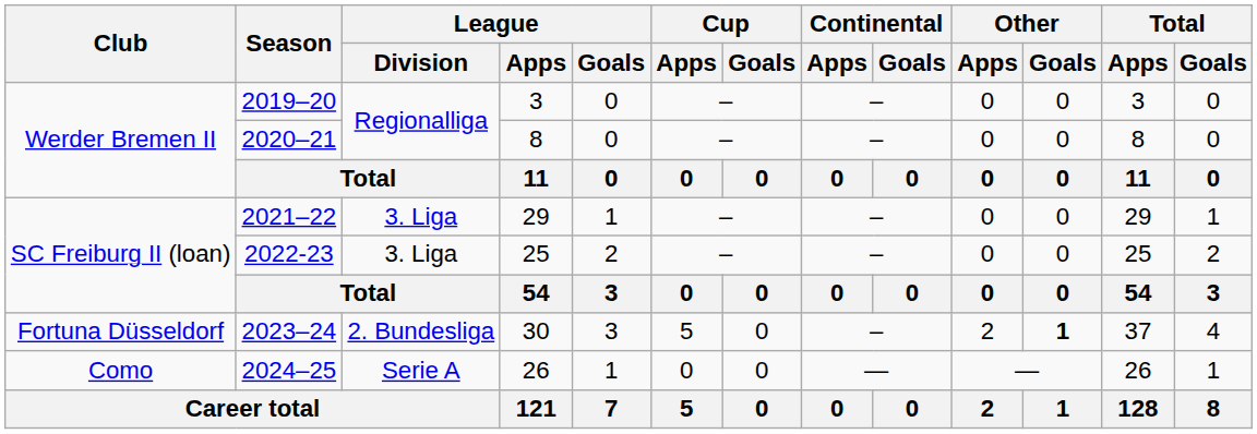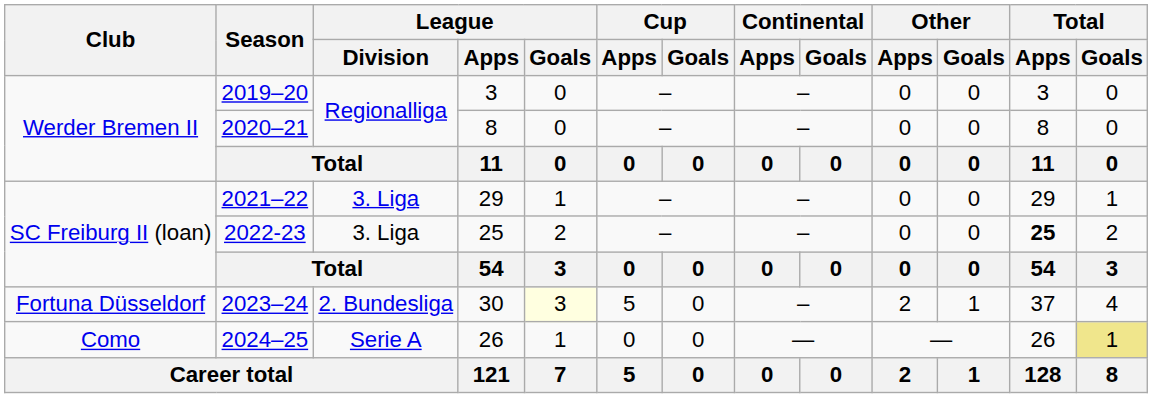 <table class="wikitable" style="text-align:center">
 <tr>
 <th rowspan="2">Club</th>
 <th rowspan="2">Season</th>
 <th colspan="3">League</th>
 <th colspan="2">Cup</th>
 <th colspan="2">Continental</th>
 <th colspan="2">Other</th>
 <th colspan="2">Total</th>
 </tr>
 <tr>
 <th>Division</th>
 <th>Apps</th>
 <th>Goals</th>
 <th>Apps</th>
 <th>Goals</th>
 <th>Apps</th>
 <th>Goals</th>
 <th>Apps</th>
 <th>Goals</th>
 <th>Apps</th>
 <th>Goals</th>
 </tr>
 <tr>
 <td rowspan="3"><a href='#'>Werder Bremen II</a></td>
 <td><a href='#'>2019–20</a></td>
 <td rowspan="2"><a href='#'>Regionalliga</a></td>
 <td>3</td>
 <td>0</td>
 <td colspan="2">–</td>
 <td colspan="2">–</td>
 <td>0</td>
 <td>0</td>
 <td>3</td>
 <td>0</td>
 </tr>
 <tr>
 <td><a href='#'>2020–21</a></td>
 <td>8</td>
 <td>0</td>
 <td colspan="2">–</td>
 <td colspan="2">–</td>
 <td>0</td>
 <td>0</td>
 <td>8</td>
 <td>0</td>
 </tr>
 <tr>
 <th colspan="2">Total</th>
 <th>11</th>
 <th>0</th>
 <th>0</th>
 <th>0</th>
 <th>0</th>
 <th>0</th>
 <th>0</th>
 <th>0</th>
 <th>11</th>
 <th>0</th>
 </tr>
 <tr>
 <td rowspan="3"><a href='#'>SC Freiburg II</a> (loan)</td>
 <td><a href='#'>2021–22</a></td>
 <td><a href='#'>3. Liga</a></td>
 <td>29</td>
 <td>1</td>
 <td colspan="2">–</td>
 <td colspan="2">–</td>
 <td>0</td>
 <td>0</td>
 <td>29</td>
 <td>1</td>
 </tr>
 <tr>
 <td><a href='#'>2022-23</a></td>
 <td>3. Liga</td>
 <td>25</td>
 <td>2</td>
 <td colspan="2">–</td>
 <td colspan="2">–</td>
 <td>0</td>
 <td>0</td>
-<td>25</td>
+<td><strong>25</strong></td>
 <td>2</td>
 </tr>
 <tr>
 <th colspan="2">Total</th>
 <th>54</th>
 <th>3</th>
 <th>0</th>
 <th>0</th>
 <th>0</th>
 <th>0</th>
 <th>0</th>
 <th>0</th>
 <th>54</th>
 <th>3</th>
 </tr>
 <tr>
 <td><a href='#'>Fortuna Düsseldorf</a></td>
 <td><a href='#'>2023–24</a></td>
 <td><a href='#'>2. Bundesliga</a></td>
 <td>30</td>
-<td>3</td>
+<td style="background: lightyellow;">3</td>
 <td>5</td>
 <td>0</td>
 <td colspan="2">–</td>
 <td>2</td>
-<td><strong>1</strong></td>
+<td>1</td>
 <td>37</td>
 <td>4</td>
 </tr>
 <tr>
 <td><a href='#'>Como</a></td>
 <td><a href='#'>2024–25</a></td>
 <td><a href='#'>Serie A</a></td>
 <td>26</td>
 <td>1</td>
 <td>0</td>
 <td>0</td>
 <td colspan="2">—</td>
 <td colspan="2">—</td>
 <td>26</td>
-<td>1</td>
+<td style="background: khaki;">1</td>
 </tr>
 <tr>
 <th colspan="3">Career total</th>
 <th>121</th>
 <th>7</th>
 <th>5</th>
 <th>0</th>
 <th>0</th>
 <th>0</th>
 <th>2</th>
 <th>1</th>
 <th>128</th>
 <th>8</th>
 </tr>
 </table>
